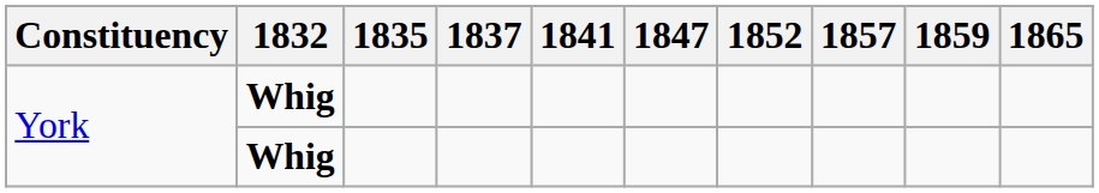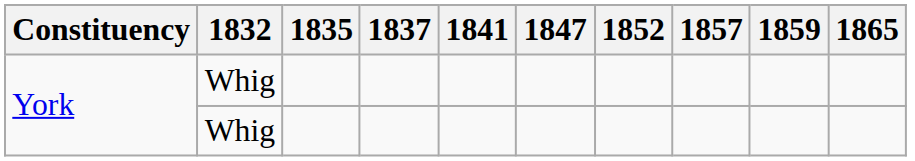 <table class=wikitable sortable>
 <tr>
 <th>Constituency</th>
 <th>1832</th>
 <th>1835</th>
 <th>1837</th>
 <th>1841</th>
 <th>1847</th>
 <th>1852</th>
 <th>1857</th>
 <th>1859</th>
 <th>1865</th>
 </tr>
 <tr>
 <td rowspan=2><a href='#'>York</a></td>
-<td bgcolor=><strong>Whig</strong></td>
+<td bgcolor=>Whig</td>
 <td></td>
 <td></td>
 <td></td>
 <td></td>
 <td></td>
 <td></td>
 <td></td>
 <td></td>
 </tr>
 <tr>
-<td bgcolor=><strong>Whig</strong></td>
+<td bgcolor=>Whig</td>
 <td></td>
 <td></td>
 <td></td>
 <td></td>
 <td></td>
 <td></td>
 <td></td>
 <td></td>
 </tr>
 </table>
